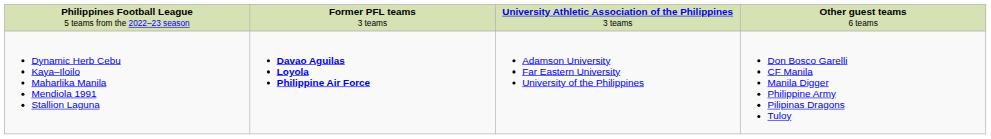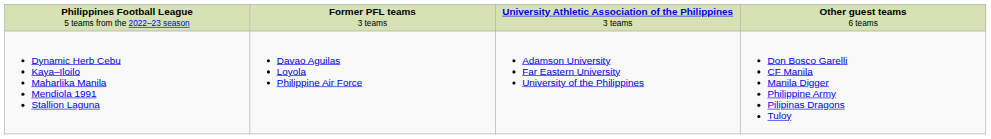 <table class="wikitable" width=100%>
 <tr style="background-color:#d6e2b3; text-align:center; vertical-align:top">
 <td width=20%><strong>Philippines Football League</strong><br><small>5 teams from the <a href='#'>2022–23 season</a></small></td>
 <td width=20%><strong>Former PFL teams</strong><br><small>3 teams</small></td>
 <td width=20%><strong><a href='#'>University Athletic Association of the Philippines</a></strong><br><small>3 teams</small></td>
 <td width=20%><strong>Other guest teams</strong><br><small>6 teams</small></td>
 </tr>
 <tr style="vertical-align:top">
 <td><br><ul><li><a href='#'>Dynamic Herb Cebu</a></li><li><a href='#'>Kaya–Iloilo</a></li><li><a href='#'>Maharlika Manila</a></li><li><a href='#'>Mendiola 1991</a></li><li><a href='#'>Stallion Laguna</a></li></ul></td>
-<td><strong><br><ul><li><a href='#'>Davao Aguilas</a></li><li><a href='#'>Loyola</a></li><li><a href='#'>Philippine Air Force</a></li></ul></strong></td>
+<td><br><ul><li><a href='#'>Davao Aguilas</a></li><li><a href='#'>Loyola</a></li><li><a href='#'>Philippine Air Force</a></li></ul></td>
 <td><br><ul><li><a href='#'>Adamson University</a></li><li><a href='#'>Far Eastern University</a></li><li><a href='#'>University of the Philippines</a></li></ul></td>
 <td><br><ul><li><a href='#'>Don Bosco Garelli</a></li><li><a href='#'>CF Manila</a></li><li><a href='#'>Manila Digger</a></li><li><a href='#'>Philippine Army</a></li><li><a href='#'>Pilipinas Dragons</a></li><li><a href='#'>Tuloy</a></li></ul></td>
 </tr>
 </table>
